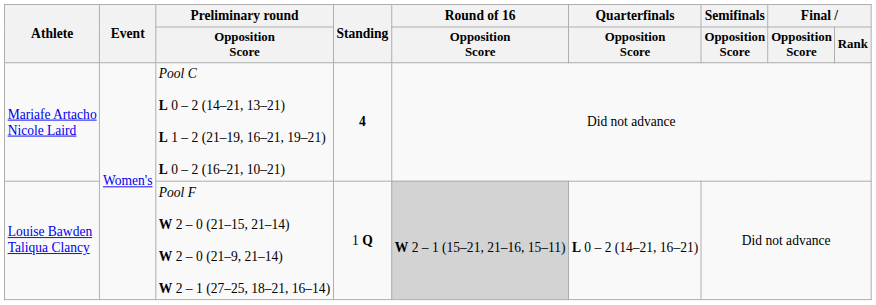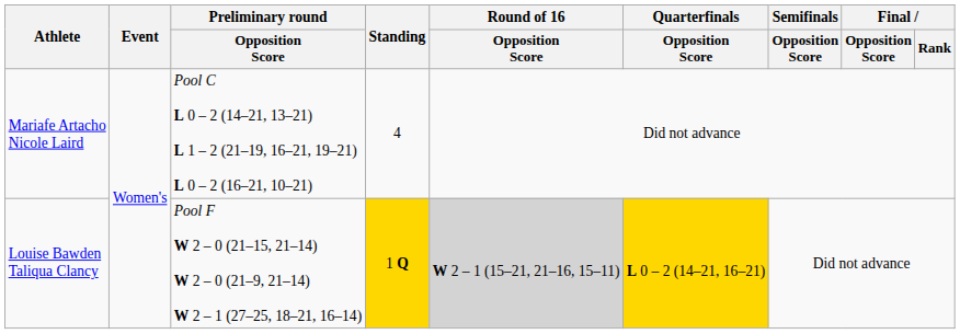 <table class=wikitable style="font-size:90%">
 <tr>
 <th rowspan="2">Athlete</th>
 <th rowspan="2">Event</th>
 <th>Preliminary round</th>
 <th rowspan="2">Standing</th>
 <th>Round of 16</th>
 <th>Quarterfinals</th>
 <th>Semifinals</th>
 <th colspan=2>Final / </th>
 </tr>
 <tr style="font-size:95%">
 <th>Opposition<br>Score</th>
 <th>Opposition<br>Score</th>
 <th>Opposition<br>Score</th>
 <th>Opposition<br>Score</th>
 <th>Opposition<br>Score</th>
 <th>Rank</th>
 </tr>
 <tr align=center>
 <td align=left><a href='#'>Mariafe Artacho</a><br><a href='#'>Nicole Laird</a></td>
 <td align=left rowspan=2><a href='#'>Women's</a></td>
 <td align=left><em>Pool C</em><br><br><strong>L</strong> 0 – 2 (14–21, 13–21)<br><br><strong>L</strong> 1 – 2 (21–19, 16–21, 19–21)<br><br><strong>L</strong> 0 – 2 (16–21, 10–21)</td>
-<td><strong>4</strong></td>
+<td>4</td>
 <td colspan=5>Did not advance</td>
 </tr>
 <tr align=center>
 <td align=left><a href='#'>Louise Bawden</a><br><a href='#'>Taliqua Clancy</a></td>
 <td align=left><em>Pool F</em><br><br><strong>W</strong> 2 – 0 (21–15, 21–14)<br><br><strong>W</strong> 2 – 0 (21–9, 21–14)<br><br><strong>W</strong> 2 – 1 (27–25, 18–21, 16–14)</td>
-<td>1 <strong>Q</strong></td>
+<td style="background: gold;">1 <strong>Q</strong></td>
 <td style="background: lightgrey;"><br><strong>W</strong> 2 – 1 (15–21, 21–16, 15–11)</td>
-<td><br><strong>L</strong> 0 – 2 (14–21, 16–21)</td>
+<td style="background: gold;"><br><strong>L</strong> 0 – 2 (14–21, 16–21)</td>
 <td colspan=3>Did not advance</td>
 </tr>
 </table>
